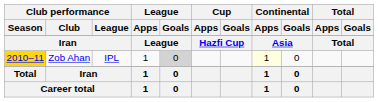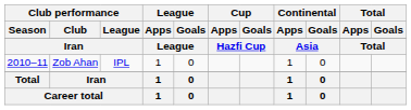 <table class="wikitable" style="text-align:center">
 <tr>
 <th colspan=3>Club performance</th>
 <th colspan=2>League</th>
 <th colspan=2>Cup</th>
 <th colspan=2>Continental</th>
 <th colspan=2>Total</th>
 </tr>
 <tr>
 <th>Season</th>
 <th>Club</th>
 <th>League</th>
 <th>Apps</th>
 <th>Goals</th>
 <th>Apps</th>
 <th>Goals</th>
 <th>Apps</th>
 <th>Goals</th>
 <th>Apps</th>
 <th>Goals</th>
 </tr>
 <tr>
 </tr>
 <tr>
 <th colspan=3>Iran</th>
 <th colspan=2>League</th>
 <th colspan=2><a href='#'>Hazfi Cup</a></th>
 <th colspan=2><a href='#'>Asia</a></th>
 <th colspan=2>Total</th>
 </tr>
 <tr>
-<td style="background: gold;"><a href='#'>2010–11</a></td>
+<td><a href='#'>2010–11</a></td>
 <td rowspan="1"><a href='#'>Zob Ahan</a></td>
 <td rowspan="1"><a href='#'>IPL</a></td>
 <td>1</td>
-<td style="background: lightgrey;">0</td>
+<td>0</td>
 <td></td>
 <td></td>
-<td style="background: lightyellow;">1</td>
+<td>1</td>
 <td>0</td>
 <td></td>
 <td></td>
 </tr>
 <tr>
 </tr>
 <tr>
 <th rowspan=1>Total</th>
 <th colspan=2>Iran</th>
 <th>1</th>
 <th>0</th>
 <th></th>
 <th></th>
 <th>1</th>
 <th>0</th>
 <th></th>
 <th></th>
 </tr>
 <tr>
 <th colspan=3>Career total</th>
 <th>1</th>
 <th>0</th>
 <th></th>
 <th></th>
 <th>1</th>
 <th>0</th>
 <th></th>
 <th></th>
 </tr>
 </table>
